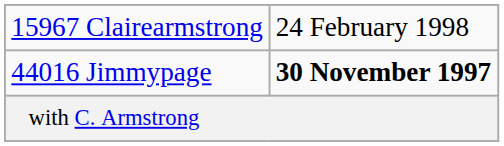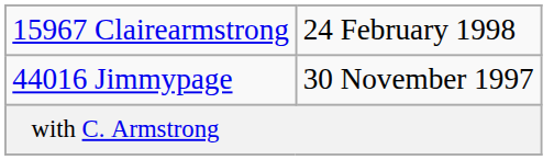 <table class="wikitable floatright" style="font-size: 0.9em;">
 <tr>
 <td><a href='#'>15967 Clairearmstrong</a></td>
 <td>24 February 1998</td>
 </tr>
 <tr>
 <td><a href='#'>44016 Jimmypage</a> </td>
-<td><strong>30 November 1997</strong></td>
+<td>30 November 1997</td>
 </tr>
 <tr>
 <th colspan=2 style="font-size: smaller; font-weight: normal; text-align: left; padding: 4px 12px;"> with <a href='#'>C. Armstrong</a></th>
 </tr>
 </table>
